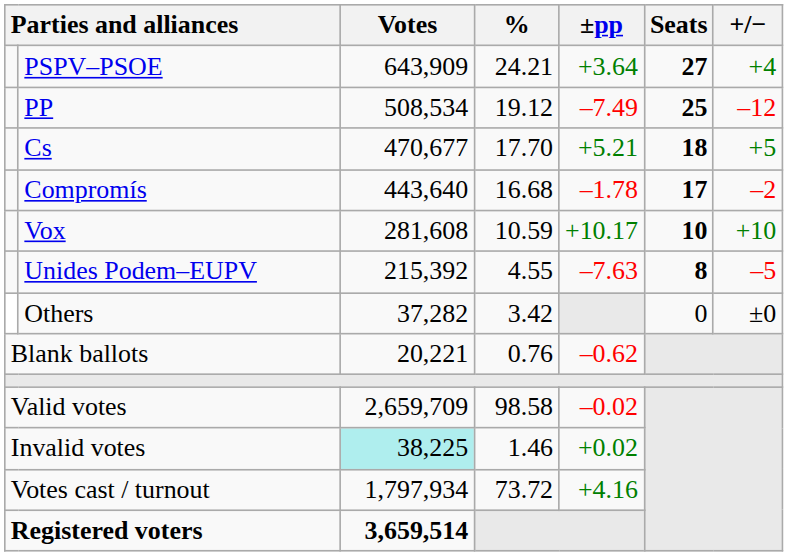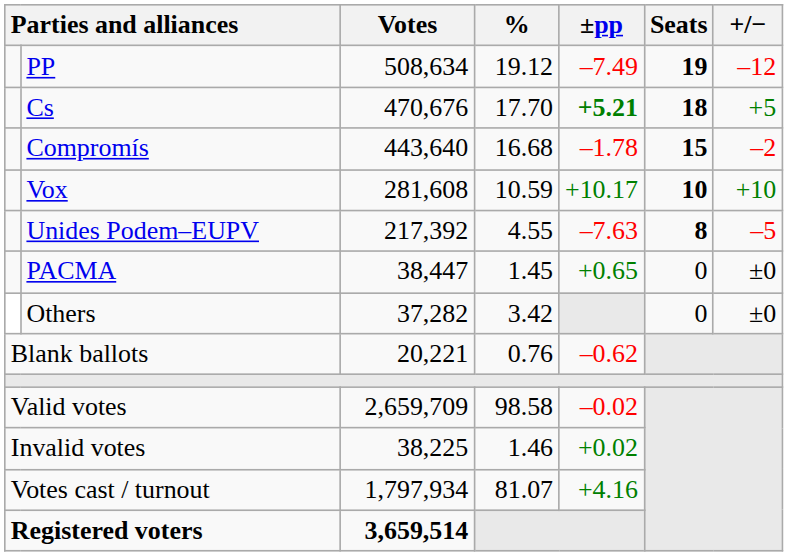 <table class="wikitable" style="text-align:right;">
 <tr>
 <th style="text-align:left;" colspan="2" width="200">Parties and alliances</th>
 <th width="75">Votes</th>
 <th width="45">%</th>
 <th width="45">±<a href='#'>pp</a></th>
 <th width="35">Seats</th>
 <th width="35">+/−</th>
 </tr>
 <tr>
-<td width="1" style="color:inherit;background:"></td>
-<td align="left"><a href='#'>PSPV–PSOE</a></td>
-<td>643,909</td>
-<td>24.21</td>
-<td style="color:green;">+3.64</td>
-<td><strong>27</strong></td>
-<td style="color:green;">+4</td>
-</tr>
-<tr>
 <td style="color:inherit;background:"></td>
 <td align="left"><a href='#'>PP</a></td>
-<td>508,534</td>
+<td>508,634</td>
 <td>19.12</td>
 <td style="color:red;">–7.49</td>
-<td><strong>25</strong></td>
+<td><strong>19</strong></td>
 <td style="color:red;">–12</td>
 </tr>
 <tr>
 <td style="color:inherit;background:"></td>
 <td align="left"><a href='#'>Cs</a></td>
-<td>470,677</td>
+<td>470,676</td>
 <td>17.70</td>
-<td style="color:green;">+5.21</td>
+<td style="color:green;"><strong>+5.21</strong></td>
 <td><strong>18</strong></td>
 <td style="color:green;">+5</td>
 </tr>
 <tr>
 <td style="color:inherit;background:"></td>
 <td align="left"><a href='#'>Compromís</a></td>
 <td>443,640</td>
 <td>16.68</td>
 <td style="color:red;">–1.78</td>
-<td><strong>17</strong></td>
+<td><strong>15</strong></td>
 <td style="color:red;">–2</td>
 </tr>
 <tr>
 <td style="color:inherit;background:"></td>
 <td align="left"><a href='#'>Vox</a></td>
 <td>281,608</td>
 <td>10.59</td>
 <td style="color:green;">+10.17</td>
 <td><strong>10</strong></td>
 <td style="color:green;">+10</td>
 </tr>
 <tr>
 <td style="color:inherit;background:"></td>
 <td align="left"><a href='#'>Unides Podem–EUPV</a></td>
-<td>215,392</td>
+<td>217,392</td>
 <td>4.55</td>
 <td style="color:red;">–7.63</td>
 <td><strong>8</strong></td>
 <td style="color:red;">–5</td>
+</tr>
+<tr>
+<td style="color:inherit;background:"></td>
+<td align="left"><a href='#'>PACMA</a></td>
+<td>38,447</td>
+<td>1.45</td>
+<td style="color:green;">+0.65</td>
+<td>0</td>
+<td>±0</td>
 </tr>
 <tr>
 <td bgcolor="white"></td>
 <td align="left">Others</td>
 <td>37,282</td>
 <td>3.42</td>
 <td bgcolor="#E9E9E9"></td>
 <td>0</td>
 <td>±0</td>
 </tr>
 <tr>
 <td align="left" colspan="2">Blank ballots</td>
 <td>20,221</td>
 <td>0.76</td>
 <td style="color:red;">–0.62</td>
 <td bgcolor="#E9E9E9" colspan="2"></td>
 </tr>
 <tr>
 <td colspan="7" bgcolor="#E9E9E9"></td>
 </tr>
 <tr>
 <td align="left" colspan="2">Valid votes</td>
 <td>2,659,709</td>
 <td>98.58</td>
 <td style="color:red;">–0.02</td>
 <td bgcolor="#E9E9E9" colspan="2" rowspan="4"></td>
 </tr>
 <tr>
 <td align="left" colspan="2">Invalid votes</td>
-<td style="background: paleturquoise;">38,225</td>
+<td>38,225</td>
 <td>1.46</td>
 <td style="color:green;">+0.02</td>
 </tr>
 <tr>
 <td align="left" colspan="2">Votes cast / turnout</td>
 <td>1,797,934</td>
-<td>73.72</td>
+<td>81.07</td>
 <td style="color:green;">+4.16</td>
 </tr>
 <tr style="font-weight:bold;">
 <td align="left" colspan="2">Registered voters</td>
 <td>3,659,514</td>
 <td bgcolor="#E9E9E9" colspan="2"></td>
 </tr>
 </table>
